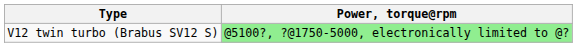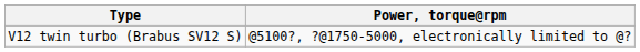 <table class="wikitable">
 <tr>
 <th>Type</th>
 <th>Power, torque@rpm</th>
 </tr>
 <tr>
 <td> V12 twin turbo (Brabus SV12 S)</td>
-<td style="background: lightgreen;">@5100?, ?@1750-5000, electronically limited to @?</td>
+<td>@5100?, ?@1750-5000, electronically limited to @?</td>
 </tr>
 </table>
